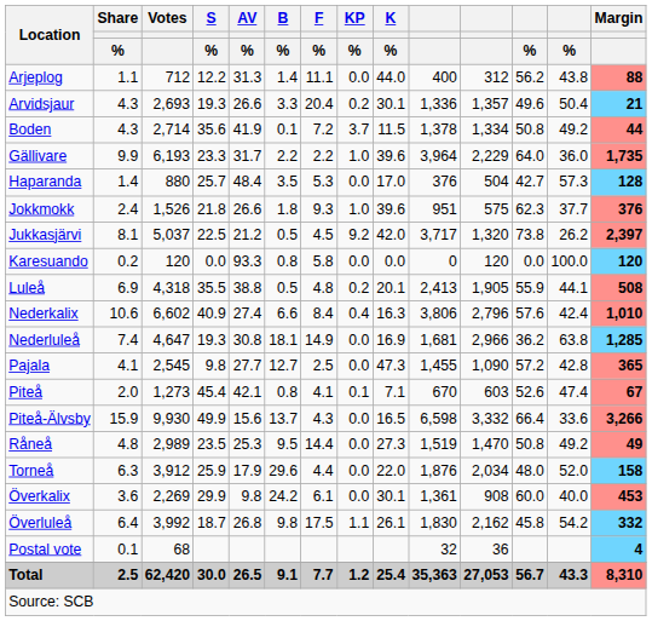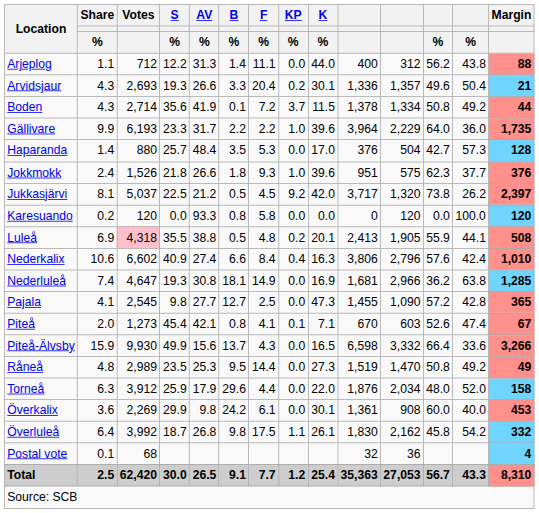 <table class="wikitable sortable" style="text-align:right; font-size:95%; line-height:20px;">
 <tr>
 <th rowspan="3">Location</th>
 <th>Share</th>
 <th>Votes</th>
 <th width="30px" class="unsortable"><a href='#'>S</a></th>
 <th width="30px" class="unsortable"><a href='#'>AV</a></th>
 <th width="30px" class="unsortable"><a href='#'>B</a></th>
 <th width="30px" class="unsortable"><a href='#'>F</a></th>
 <th width="30px" class="unsortable"><a href='#'>KP</a></th>
 <th width="30px" class="unsortable"><a href='#'>K</a></th>
 <th></th>
 <th></th>
 <th></th>
 <th></th>
 <th>Margin</th>
 </tr>
 <tr>
 <th></th>
 <th></th>
 <th style="background:"></th>
 <th style="background:"></th>
 <th style="background:"></th>
 <th style="background:"></th>
 <th style="background:"></th>
 <th style="background:"></th>
 <th style="background:"></th>
 <th style="background:"></th>
 <th style="background:"></th>
 <th style="background:"></th>
 <th></th>
 </tr>
 <tr>
 <th data-sort-type="number">%</th>
 <th></th>
 <th data-sort-type="number">%</th>
 <th data-sort-type="number">%</th>
 <th data-sort-type="number">%</th>
 <th data-sort-type="number">%</th>
 <th data-sort-type="number">%</th>
 <th data-sort-type="number">%</th>
 <th></th>
 <th></th>
 <th data-sort-type="number">%</th>
 <th data-sort-type="number">%</th>
 <th></th>
 </tr>
 <tr>
 <td align=left><a href='#'>Arjeplog</a></td>
 <td>1.1</td>
 <td>712</td>
 <td>12.2</td>
 <td>31.3</td>
 <td>1.4</td>
 <td>11.1</td>
 <td>0.0</td>
 <td>44.0</td>
 <td>400</td>
 <td>312</td>
 <td>56.2</td>
 <td>43.8</td>
 <td bgcolor=#ff908c><strong>88</strong></td>
 </tr>
 <tr>
 <td align=left><a href='#'>Arvidsjaur</a></td>
 <td>4.3</td>
 <td>2,693</td>
 <td>19.3</td>
 <td>26.6</td>
 <td>3.3</td>
 <td>20.4</td>
 <td>0.2</td>
 <td>30.1</td>
 <td>1,336</td>
 <td>1,357</td>
 <td>49.6</td>
 <td>50.4</td>
 <td bgcolor=#6fd5fe><strong>21</strong></td>
 </tr>
 <tr>
 <td align=left><a href='#'>Boden</a></td>
 <td>4.3</td>
 <td>2,714</td>
 <td>35.6</td>
 <td>41.9</td>
 <td>0.1</td>
 <td>7.2</td>
 <td>3.7</td>
 <td>11.5</td>
 <td>1,378</td>
 <td>1,334</td>
 <td>50.8</td>
 <td>49.2</td>
 <td bgcolor=#ff908c><strong>44</strong></td>
 </tr>
 <tr>
 <td align=left><a href='#'>Gällivare</a></td>
 <td>9.9</td>
 <td>6,193</td>
 <td>23.3</td>
 <td>31.7</td>
 <td>2.2</td>
 <td>2.2</td>
 <td>1.0</td>
 <td>39.6</td>
 <td>3,964</td>
 <td>2,229</td>
 <td>64.0</td>
 <td>36.0</td>
 <td bgcolor=#ff908c><strong>1,735</strong></td>
 </tr>
 <tr>
 <td align=left><a href='#'>Haparanda</a></td>
 <td>1.4</td>
 <td>880</td>
 <td>25.7</td>
 <td>48.4</td>
 <td>3.5</td>
 <td>5.3</td>
 <td>0.0</td>
 <td>17.0</td>
 <td>376</td>
 <td>504</td>
 <td>42.7</td>
 <td>57.3</td>
 <td bgcolor=#6fd5fe><strong>128</strong></td>
 </tr>
 <tr>
 <td align=left><a href='#'>Jokkmokk</a></td>
 <td>2.4</td>
 <td>1,526</td>
 <td>21.8</td>
 <td>26.6</td>
 <td>1.8</td>
 <td>9.3</td>
 <td>1.0</td>
 <td>39.6</td>
 <td>951</td>
 <td>575</td>
 <td>62.3</td>
 <td>37.7</td>
 <td bgcolor=#ff908c><strong>376</strong></td>
 </tr>
 <tr>
 <td align=left><a href='#'>Jukkasjärvi</a></td>
 <td>8.1</td>
 <td>5,037</td>
 <td>22.5</td>
 <td>21.2</td>
 <td>0.5</td>
 <td>4.5</td>
 <td>9.2</td>
 <td>42.0</td>
 <td>3,717</td>
 <td>1,320</td>
 <td>73.8</td>
 <td>26.2</td>
 <td bgcolor=#ff908c><strong>2,397</strong></td>
 </tr>
 <tr>
 <td align=left><a href='#'>Karesuando</a></td>
 <td>0.2</td>
 <td>120</td>
 <td>0.0</td>
 <td>93.3</td>
 <td>0.8</td>
 <td>5.8</td>
 <td>0.0</td>
 <td>0.0</td>
 <td>0</td>
 <td>120</td>
 <td>0.0</td>
 <td>100.0</td>
 <td bgcolor=#6fd5fe><strong>120</strong></td>
 </tr>
 <tr>
 <td align=left><a href='#'>Luleå</a></td>
 <td>6.9</td>
-<td>4,318</td>
+<td style="background: pink;">4,318</td>
 <td>35.5</td>
 <td>38.8</td>
 <td>0.5</td>
 <td>4.8</td>
 <td>0.2</td>
 <td>20.1</td>
 <td>2,413</td>
 <td>1,905</td>
 <td>55.9</td>
 <td>44.1</td>
 <td bgcolor=#ff908c><strong>508</strong></td>
 </tr>
 <tr>
 <td align=left><a href='#'>Nederkalix</a></td>
 <td>10.6</td>
 <td>6,602</td>
 <td>40.9</td>
 <td>27.4</td>
 <td>6.6</td>
 <td>8.4</td>
 <td>0.4</td>
 <td>16.3</td>
 <td>3,806</td>
 <td>2,796</td>
 <td>57.6</td>
 <td>42.4</td>
 <td bgcolor=#ff908c><strong>1,010</strong></td>
 </tr>
 <tr>
 <td align=left><a href='#'>Nederluleå</a></td>
 <td>7.4</td>
 <td>4,647</td>
 <td>19.3</td>
 <td>30.8</td>
 <td>18.1</td>
 <td>14.9</td>
 <td>0.0</td>
 <td>16.9</td>
 <td>1,681</td>
 <td>2,966</td>
 <td>36.2</td>
 <td>63.8</td>
 <td bgcolor=#6fd5fe><strong>1,285</strong></td>
 </tr>
 <tr>
 <td align=left><a href='#'>Pajala</a></td>
 <td>4.1</td>
 <td>2,545</td>
 <td>9.8</td>
 <td>27.7</td>
 <td>12.7</td>
 <td>2.5</td>
 <td>0.0</td>
 <td>47.3</td>
 <td>1,455</td>
 <td>1,090</td>
 <td>57.2</td>
 <td>42.8</td>
 <td bgcolor=#ff908c><strong>365</strong></td>
 </tr>
 <tr>
 <td align=left><a href='#'>Piteå</a></td>
 <td>2.0</td>
 <td>1,273</td>
 <td>45.4</td>
 <td>42.1</td>
 <td>0.8</td>
 <td>4.1</td>
 <td>0.1</td>
 <td>7.1</td>
 <td>670</td>
 <td>603</td>
 <td>52.6</td>
 <td>47.4</td>
 <td bgcolor=#ff908c><strong>67</strong></td>
 </tr>
 <tr>
 <td align=left><a href='#'>Piteå-Älvsby</a></td>
 <td>15.9</td>
 <td>9,930</td>
 <td>49.9</td>
 <td>15.6</td>
 <td>13.7</td>
 <td>4.3</td>
 <td>0.0</td>
 <td>16.5</td>
 <td>6,598</td>
 <td>3,332</td>
 <td>66.4</td>
 <td>33.6</td>
 <td bgcolor=#ff908c><strong>3,266</strong></td>
 </tr>
 <tr>
 <td align=left><a href='#'>Råneå</a></td>
 <td>4.8</td>
 <td>2,989</td>
 <td>23.5</td>
 <td>25.3</td>
 <td>9.5</td>
 <td>14.4</td>
 <td>0.0</td>
 <td>27.3</td>
 <td>1,519</td>
 <td>1,470</td>
 <td>50.8</td>
 <td>49.2</td>
 <td bgcolor=#ff908c><strong>49</strong></td>
 </tr>
 <tr>
 <td align=left><a href='#'>Torneå</a></td>
 <td>6.3</td>
 <td>3,912</td>
 <td>25.9</td>
 <td>17.9</td>
 <td>29.6</td>
 <td>4.4</td>
 <td>0.0</td>
 <td>22.0</td>
 <td>1,876</td>
 <td>2,034</td>
 <td>48.0</td>
 <td>52.0</td>
 <td bgcolor=#6fd5fe><strong>158</strong></td>
 </tr>
 <tr>
 <td align=left><a href='#'>Överkalix</a></td>
 <td>3.6</td>
 <td>2,269</td>
 <td>29.9</td>
 <td>9.8</td>
 <td>24.2</td>
 <td>6.1</td>
 <td>0.0</td>
 <td>30.1</td>
 <td>1,361</td>
 <td>908</td>
 <td>60.0</td>
 <td>40.0</td>
 <td bgcolor=#ff908c><strong>453</strong></td>
 </tr>
 <tr>
 <td align=left><a href='#'>Överluleå</a></td>
 <td>6.4</td>
 <td>3,992</td>
 <td>18.7</td>
 <td>26.8</td>
 <td>9.8</td>
 <td>17.5</td>
 <td>1.1</td>
 <td>26.1</td>
 <td>1,830</td>
 <td>2,162</td>
 <td>45.8</td>
 <td>54.2</td>
 <td bgcolor=#6fd5fe><strong>332</strong></td>
 </tr>
 <tr>
 <td align=left><a href='#'>Postal vote</a></td>
 <td>0.1</td>
 <td>68</td>
 <td></td>
 <td></td>
 <td></td>
 <td></td>
 <td></td>
 <td></td>
 <td>32</td>
 <td>36</td>
 <td></td>
 <td></td>
 <td bgcolor=#6fd5fe><strong>4</strong></td>
 </tr>
 <tr>
 </tr>
 <tr style="background:#CDCDCD;">
 <td align=left><strong>Total</strong></td>
 <td><strong>2.5</strong></td>
 <td><strong>62,420</strong></td>
 <td><strong>30.0</strong></td>
 <td><strong>26.5</strong></td>
 <td><strong>9.1</strong></td>
 <td><strong>7.7</strong></td>
 <td><strong>1.2</strong></td>
 <td><strong>25.4</strong></td>
 <td><strong>35,363</strong></td>
 <td><strong>27,053</strong></td>
 <td><strong>56.7</strong></td>
 <td><strong>43.3</strong></td>
 <td bgcolor=#ff908c><strong>8,310</strong></td>
 </tr>
 <tr>
 <td align=left colspan=14>Source: SCB </td>
 </tr>
 </table>
